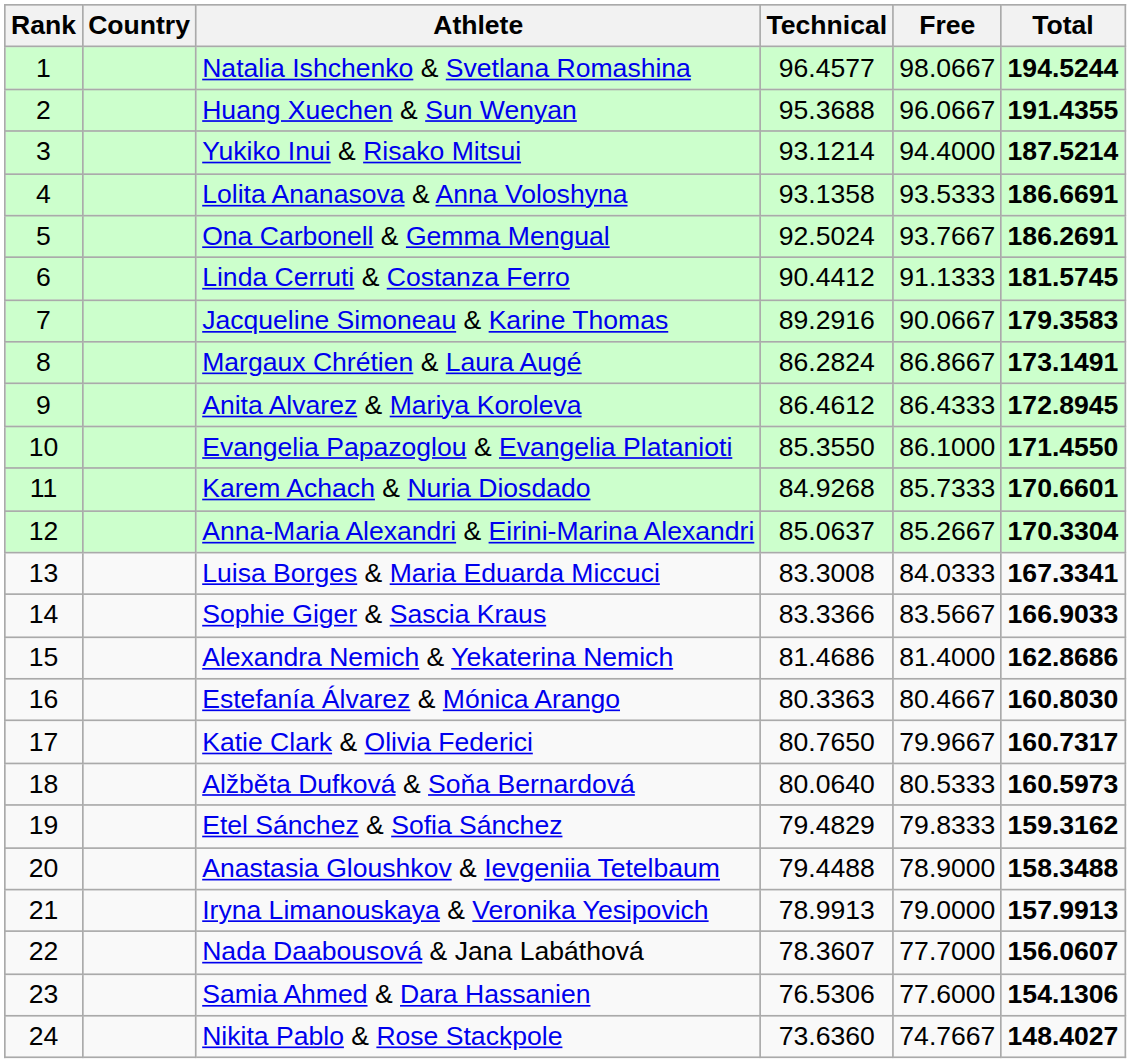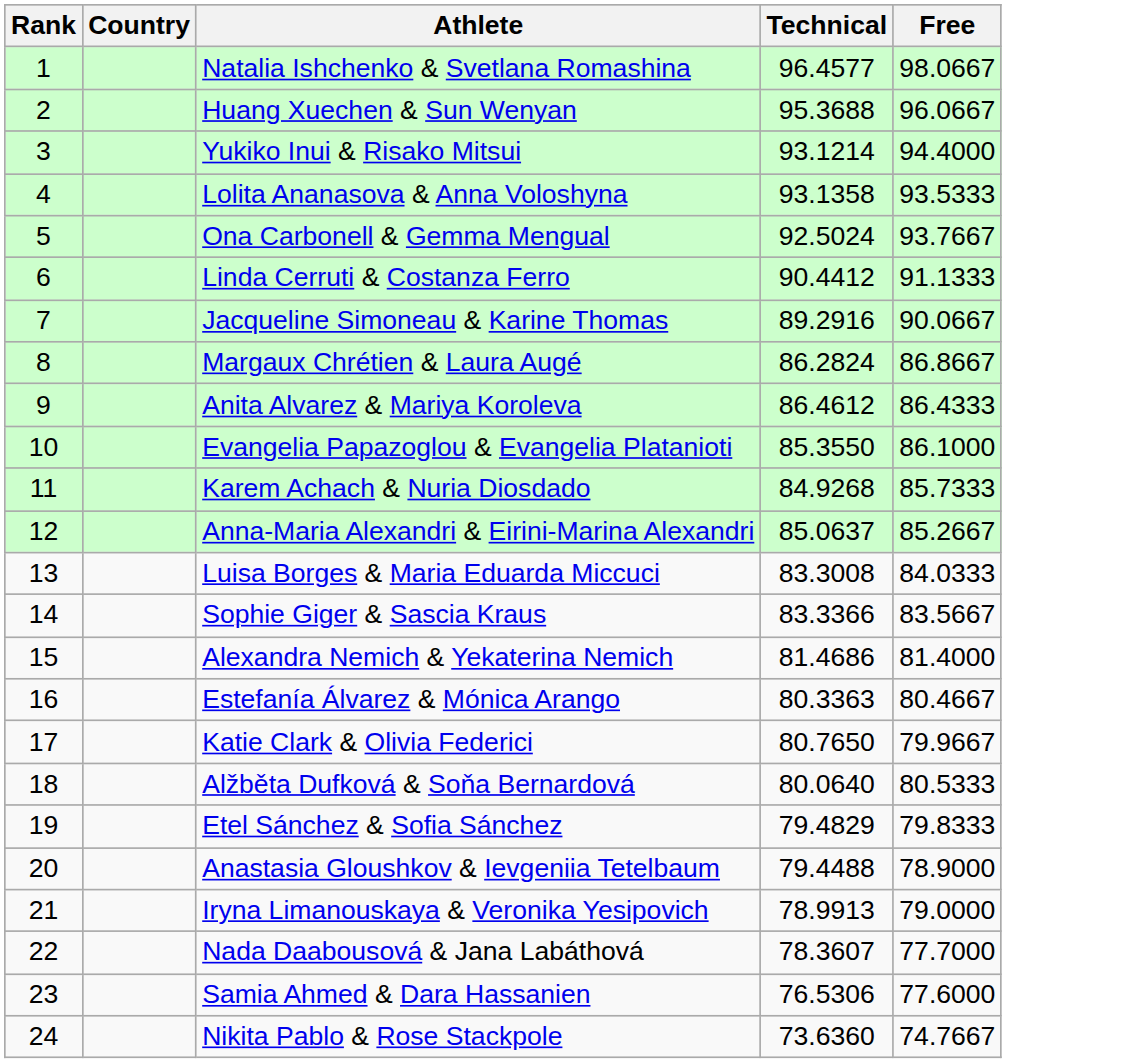 <table class="wikitable sortable" style="text-align:center">
 <tr>
 <th>Rank</th>
 <th>Country</th>
 <th>Athlete</th>
 <th>Technical</th>
 <th>Free</th>
-<th>Total</th>
 </tr>
 <tr bgcolor=ccffcc>
 <td>1</td>
 <td align=left></td>
 <td align=left><a href='#'>Natalia Ishchenko</a> & <a href='#'>Svetlana Romashina</a></td>
 <td>96.4577</td>
 <td>98.0667</td>
-<td><strong>194.5244</strong></td>
 </tr>
 <tr bgcolor=ccffcc>
 <td>2</td>
 <td align=left></td>
 <td align=left><a href='#'>Huang Xuechen</a> & <a href='#'>Sun Wenyan</a></td>
 <td>95.3688</td>
 <td>96.0667</td>
-<td><strong>191.4355</strong></td>
 </tr>
 <tr bgcolor=ccffcc>
 <td>3</td>
 <td align=left></td>
 <td align=left><a href='#'>Yukiko Inui</a> & <a href='#'>Risako Mitsui</a></td>
 <td>93.1214</td>
 <td>94.4000</td>
-<td><strong>187.5214</strong></td>
 </tr>
 <tr bgcolor=ccffcc>
 <td>4</td>
 <td align=left></td>
 <td align=left><a href='#'>Lolita Ananasova</a> & <a href='#'>Anna Voloshyna</a></td>
 <td>93.1358</td>
 <td>93.5333</td>
-<td><strong>186.6691</strong></td>
 </tr>
 <tr bgcolor=ccffcc>
 <td>5</td>
 <td align=left></td>
 <td align=left><a href='#'>Ona Carbonell</a> & <a href='#'>Gemma Mengual</a></td>
 <td>92.5024</td>
 <td>93.7667</td>
-<td><strong>186.2691</strong></td>
 </tr>
 <tr bgcolor=ccffcc>
 <td>6</td>
 <td align=left></td>
 <td align=left><a href='#'>Linda Cerruti</a> & <a href='#'>Costanza Ferro</a></td>
 <td>90.4412</td>
 <td>91.1333</td>
-<td><strong>181.5745</strong></td>
 </tr>
 <tr bgcolor=ccffcc>
 <td>7</td>
 <td align=left></td>
 <td align=left><a href='#'>Jacqueline Simoneau</a> & <a href='#'>Karine Thomas</a></td>
 <td>89.2916</td>
 <td>90.0667</td>
-<td><strong>179.3583</strong></td>
 </tr>
 <tr bgcolor=ccffcc>
 <td>8</td>
 <td align=left></td>
 <td align=left><a href='#'>Margaux Chrétien</a> & <a href='#'>Laura Augé</a></td>
 <td>86.2824</td>
 <td>86.8667</td>
-<td><strong>173.1491</strong></td>
 </tr>
 <tr bgcolor=ccffcc>
 <td>9</td>
 <td align=left></td>
 <td align=left><a href='#'>Anita Alvarez</a> & <a href='#'>Mariya Koroleva</a></td>
 <td>86.4612</td>
 <td>86.4333</td>
-<td><strong>172.8945</strong></td>
 </tr>
 <tr bgcolor=ccffcc>
 <td>10</td>
 <td align=left></td>
 <td align=left><a href='#'>Evangelia Papazoglou</a> & <a href='#'>Evangelia Platanioti</a></td>
 <td>85.3550</td>
 <td>86.1000</td>
-<td><strong>171.4550</strong></td>
 </tr>
 <tr bgcolor=ccffcc>
 <td>11</td>
 <td align=left></td>
 <td align=left><a href='#'>Karem Achach</a> & <a href='#'>Nuria Diosdado</a></td>
 <td>84.9268</td>
 <td>85.7333</td>
-<td><strong>170.6601</strong></td>
 </tr>
 <tr bgcolor=ccffcc>
 <td>12</td>
 <td align=left></td>
 <td align=left><a href='#'>Anna-Maria Alexandri</a> & <a href='#'>Eirini-Marina Alexandri</a></td>
 <td>85.0637</td>
 <td>85.2667</td>
-<td><strong>170.3304</strong></td>
 </tr>
 <tr>
 <td>13</td>
 <td align=left></td>
 <td align=left><a href='#'>Luisa Borges</a> & <a href='#'>Maria Eduarda Miccuci</a></td>
 <td>83.3008</td>
 <td>84.0333</td>
-<td><strong>167.3341</strong></td>
 </tr>
 <tr>
 <td>14</td>
 <td align=left></td>
 <td align=left><a href='#'>Sophie Giger</a> & <a href='#'>Sascia Kraus</a></td>
 <td>83.3366</td>
 <td>83.5667</td>
-<td><strong>166.9033</strong></td>
 </tr>
 <tr>
 <td>15</td>
 <td align=left></td>
 <td align=left><a href='#'>Alexandra Nemich</a> & <a href='#'>Yekaterina Nemich</a></td>
 <td>81.4686</td>
 <td>81.4000</td>
-<td><strong>162.8686</strong></td>
 </tr>
 <tr>
 <td>16</td>
 <td align=left></td>
 <td align=left><a href='#'>Estefanía Álvarez</a> & <a href='#'>Mónica Arango</a></td>
 <td>80.3363</td>
 <td>80.4667</td>
-<td><strong>160.8030</strong></td>
 </tr>
 <tr>
 <td>17</td>
 <td align=left></td>
 <td align=left><a href='#'>Katie Clark</a> & <a href='#'>Olivia Federici</a></td>
 <td>80.7650</td>
 <td>79.9667</td>
-<td><strong>160.7317</strong></td>
 </tr>
 <tr>
 <td>18</td>
 <td align=left></td>
 <td align=left><a href='#'>Alžběta Dufková</a> & <a href='#'>Soňa Bernardová</a></td>
 <td>80.0640</td>
 <td>80.5333</td>
-<td><strong>160.5973</strong></td>
 </tr>
 <tr>
 <td>19</td>
 <td align=left></td>
 <td align=left><a href='#'>Etel Sánchez</a> & <a href='#'>Sofia Sánchez</a></td>
 <td>79.4829</td>
 <td>79.8333</td>
-<td><strong>159.3162</strong></td>
 </tr>
 <tr>
 <td>20</td>
 <td align=left></td>
 <td align=left><a href='#'>Anastasia Gloushkov</a> & <a href='#'>Ievgeniia Tetelbaum</a></td>
 <td>79.4488</td>
 <td>78.9000</td>
-<td><strong>158.3488</strong></td>
 </tr>
 <tr>
 <td>21</td>
 <td align=left></td>
 <td align=left><a href='#'>Iryna Limanouskaya</a> & <a href='#'>Veronika Yesipovich</a></td>
 <td>78.9913</td>
 <td>79.0000</td>
-<td><strong>157.9913</strong></td>
 </tr>
 <tr>
 <td>22</td>
 <td align=left></td>
 <td align=left><a href='#'>Nada Daabousová</a> & Jana Labáthová</td>
 <td>78.3607</td>
 <td>77.7000</td>
-<td><strong>156.0607</strong></td>
 </tr>
 <tr>
 <td>23</td>
 <td align=left></td>
 <td align=left><a href='#'>Samia Ahmed</a> & <a href='#'>Dara Hassanien</a></td>
 <td>76.5306</td>
 <td>77.6000</td>
-<td><strong>154.1306</strong></td>
 </tr>
 <tr>
 <td>24</td>
 <td align=left></td>
 <td align=left><a href='#'>Nikita Pablo</a> & <a href='#'>Rose Stackpole</a></td>
 <td>73.6360</td>
 <td>74.7667</td>
-<td><strong>148.4027</strong></td>
 </tr>
 </table>
